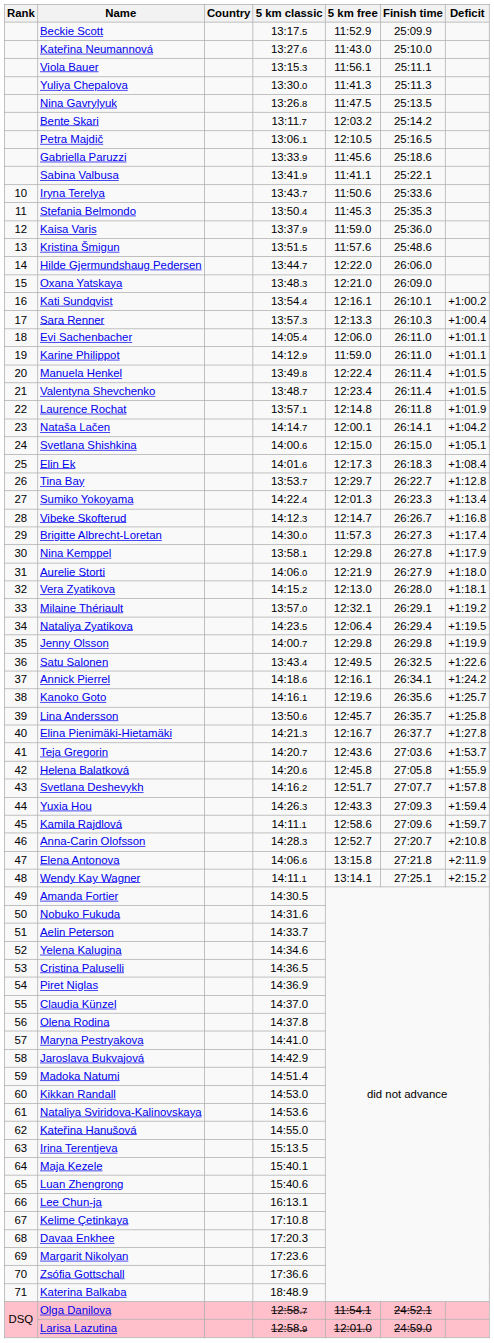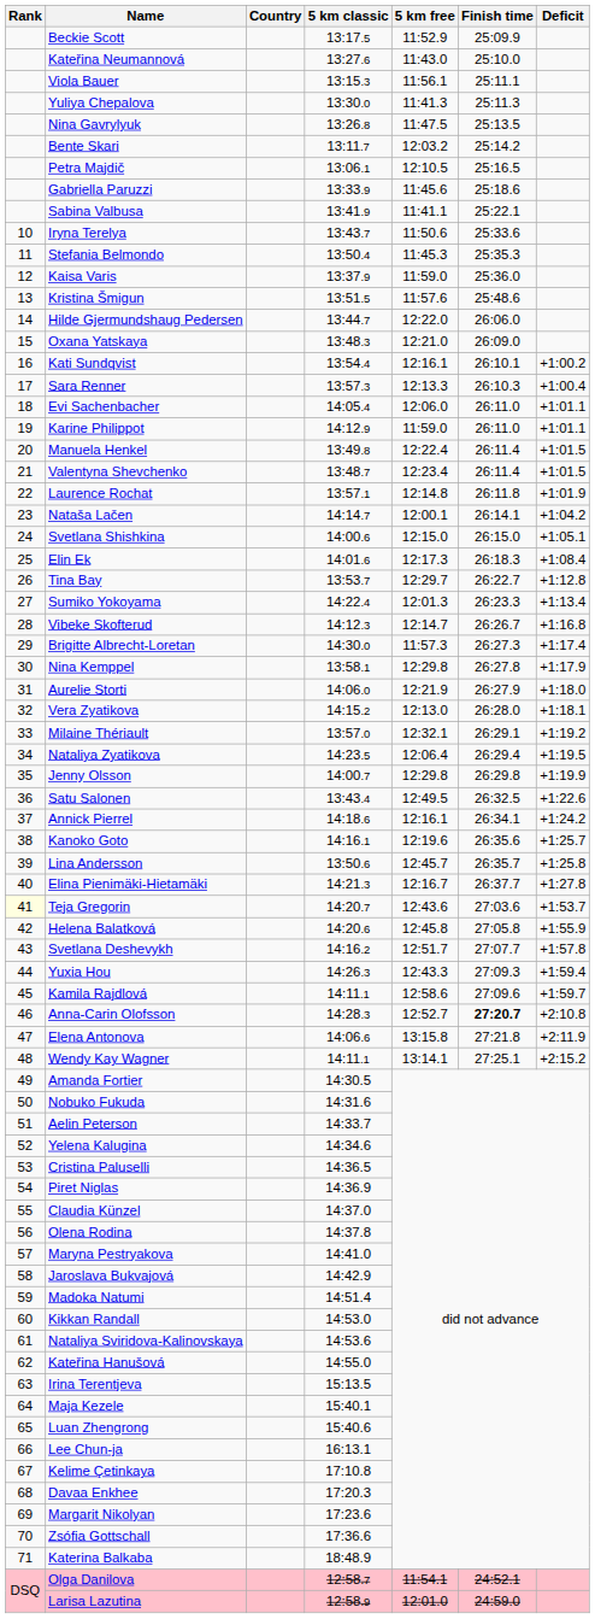 <table class="wikitable sortable" style="text-align:center">
 <tr>
 <th>Rank</th>
 <th>Name</th>
 <th>Country</th>
 <th>5 km classic</th>
 <th>5 km free</th>
 <th>Finish time</th>
 <th>Deficit</th>
 </tr>
 <tr>
 <td></td>
 <td align=left><a href='#'>Beckie Scott</a></td>
 <td align=left></td>
 <td>13:17<small>.5</small></td>
 <td>11:52.9</td>
 <td>25:09.9</td>
 <td></td>
 </tr>
 <tr>
 <td></td>
 <td align=left><a href='#'>Kateřina Neumannová</a></td>
 <td align=left></td>
 <td>13:27<small>.6</small></td>
 <td>11:43.0</td>
 <td>25:10.0</td>
 <td></td>
 </tr>
 <tr>
 <td></td>
 <td align=left><a href='#'>Viola Bauer</a></td>
 <td align=left></td>
 <td>13:15<small>.3</small></td>
 <td>11:56.1</td>
 <td>25:11.1</td>
 <td></td>
 </tr>
 <tr>
 <td></td>
 <td align=left><a href='#'>Yuliya Chepalova</a></td>
 <td align=left></td>
 <td>13:30<small>.0</small></td>
 <td>11:41.3</td>
 <td>25:11.3</td>
 <td></td>
 </tr>
 <tr>
 <td></td>
 <td align=left><a href='#'>Nina Gavrylyuk</a></td>
 <td align=left></td>
 <td>13:26<small>.8</small></td>
 <td>11:47.5</td>
 <td>25:13.5</td>
 <td></td>
 </tr>
 <tr>
 <td></td>
 <td align=left><a href='#'>Bente Skari</a></td>
 <td align=left></td>
 <td>13:11<small>.7</small></td>
 <td>12:03.2</td>
 <td>25:14.2</td>
 <td></td>
 </tr>
 <tr>
 <td></td>
 <td align=left><a href='#'>Petra Majdič</a></td>
 <td align=left></td>
 <td>13:06<small>.1</small></td>
 <td>12:10.5</td>
 <td>25:16.5</td>
 <td></td>
 </tr>
 <tr>
 <td></td>
 <td align=left><a href='#'>Gabriella Paruzzi</a></td>
 <td align=left></td>
 <td>13:33<small>.9</small></td>
 <td>11:45.6</td>
 <td>25:18.6</td>
 <td></td>
 </tr>
 <tr>
 <td></td>
 <td align=left><a href='#'>Sabina Valbusa</a></td>
 <td align=left></td>
 <td>13:41<small>.9</small></td>
 <td>11:41.1</td>
 <td>25:22.1</td>
 <td></td>
 </tr>
 <tr>
 <td>10</td>
 <td align=left><a href='#'>Iryna Terelya</a></td>
 <td align=left></td>
 <td>13:43<small>.7</small></td>
 <td>11:50.6</td>
 <td>25:33.6</td>
 <td></td>
 </tr>
 <tr>
 <td>11</td>
 <td align=left><a href='#'>Stefania Belmondo</a></td>
 <td align=left></td>
 <td>13:50<small>.4</small></td>
 <td>11:45.3</td>
 <td>25:35.3</td>
 <td></td>
 </tr>
 <tr>
 <td>12</td>
 <td align=left><a href='#'>Kaisa Varis</a></td>
 <td align=left></td>
 <td>13:37<small>.9</small></td>
 <td>11:59.0</td>
 <td>25:36.0</td>
 <td></td>
 </tr>
 <tr>
 <td>13</td>
 <td align=left><a href='#'>Kristina Šmigun</a></td>
 <td align=left></td>
 <td>13:51<small>.5</small></td>
 <td>11:57.6</td>
 <td>25:48.6</td>
 <td></td>
 </tr>
 <tr>
 <td>14</td>
 <td align=left><a href='#'>Hilde Gjermundshaug Pedersen</a></td>
 <td align=left></td>
 <td>13:44<small>.7</small></td>
 <td>12:22.0</td>
 <td>26:06.0</td>
 <td></td>
 </tr>
 <tr>
 <td>15</td>
 <td align=left><a href='#'>Oxana Yatskaya</a></td>
 <td align="left"></td>
 <td>13:48<small>.3</small></td>
 <td>12:21.0</td>
 <td>26:09.0</td>
 <td></td>
 </tr>
 <tr>
 <td>16</td>
 <td align=left><a href='#'>Kati Sundqvist</a></td>
 <td align=left></td>
 <td>13:54<small>.4</small></td>
 <td>12:16.1</td>
 <td>26:10.1</td>
 <td>+1:00.2</td>
 </tr>
 <tr>
 <td>17</td>
 <td align=left><a href='#'>Sara Renner</a></td>
 <td align=left></td>
 <td>13:57<small>.3</small></td>
 <td>12:13.3</td>
 <td>26:10.3</td>
 <td>+1:00.4</td>
 </tr>
 <tr>
 <td>18</td>
 <td align=left><a href='#'>Evi Sachenbacher</a></td>
 <td align=left></td>
 <td>14:05<small>.4</small></td>
 <td>12:06.0</td>
 <td>26:11.0</td>
 <td>+1:01.1</td>
 </tr>
 <tr>
 <td>19</td>
 <td align=left><a href='#'>Karine Philippot</a></td>
 <td align=left></td>
 <td>14:12<small>.9</small></td>
 <td>11:59.0</td>
 <td>26:11.0</td>
 <td>+1:01.1</td>
 </tr>
 <tr>
 <td>20</td>
 <td align=left><a href='#'>Manuela Henkel</a></td>
 <td align=left></td>
 <td>13:49<small>.8</small></td>
 <td>12:22.4</td>
 <td>26:11.4</td>
 <td>+1:01.5</td>
 </tr>
 <tr>
 <td>21</td>
 <td align=left><a href='#'>Valentyna Shevchenko</a></td>
 <td align=left></td>
 <td>13:48<small>.7</small></td>
 <td>12:23.4</td>
 <td>26:11.4</td>
 <td>+1:01.5</td>
 </tr>
 <tr>
 <td>22</td>
 <td align=left><a href='#'>Laurence Rochat</a></td>
 <td align=left></td>
 <td>13:57<small>.1</small></td>
 <td>12:14.8</td>
 <td>26:11.8</td>
 <td>+1:01.9</td>
 </tr>
 <tr>
 <td>23</td>
 <td align=left><a href='#'>Nataša Lačen</a></td>
 <td align=left></td>
 <td>14:14<small>.7</small></td>
 <td>12:00.1</td>
 <td>26:14.1</td>
 <td>+1:04.2</td>
 </tr>
 <tr>
 <td>24</td>
 <td align=left><a href='#'>Svetlana Shishkina</a></td>
 <td align=left></td>
 <td>14:00<small>.6</small></td>
 <td>12:15.0</td>
 <td>26:15.0</td>
 <td>+1:05.1</td>
 </tr>
 <tr>
 <td>25</td>
 <td align=left><a href='#'>Elin Ek</a></td>
 <td align=left></td>
 <td>14:01<small>.6</small></td>
 <td>12:17.3</td>
 <td>26:18.3</td>
 <td>+1:08.4</td>
 </tr>
 <tr>
 <td>26</td>
 <td align=left><a href='#'>Tina Bay</a></td>
 <td align=left></td>
 <td>13:53<small>.7</small></td>
 <td>12:29.7</td>
 <td>26:22.7</td>
 <td>+1:12.8</td>
 </tr>
 <tr>
 <td>27</td>
 <td align=left><a href='#'>Sumiko Yokoyama</a></td>
 <td align=left></td>
 <td>14:22<small>.4</small></td>
 <td>12:01.3</td>
 <td>26:23.3</td>
 <td>+1:13.4</td>
 </tr>
 <tr>
 <td>28</td>
 <td align=left><a href='#'>Vibeke Skofterud</a></td>
 <td align=left></td>
 <td>14:12<small>.3</small></td>
 <td>12:14.7</td>
 <td>26:26.7</td>
 <td>+1:16.8</td>
 </tr>
 <tr>
 <td>29</td>
 <td align=left><a href='#'>Brigitte Albrecht-Loretan</a></td>
 <td align=left></td>
 <td>14:30<small>.0</small></td>
 <td>11:57.3</td>
 <td>26:27.3</td>
 <td>+1:17.4</td>
 </tr>
 <tr>
 <td>30</td>
 <td align=left><a href='#'>Nina Kemppel</a></td>
 <td align=left></td>
 <td>13:58<small>.1</small></td>
 <td>12:29.8</td>
 <td>26:27.8</td>
 <td>+1:17.9</td>
 </tr>
 <tr>
 <td>31</td>
 <td align=left><a href='#'>Aurelie Storti</a></td>
 <td align=left></td>
 <td>14:06<small>.0</small></td>
 <td>12:21.9</td>
 <td>26:27.9</td>
 <td>+1:18.0</td>
 </tr>
 <tr>
 <td>32</td>
 <td align=left><a href='#'>Vera Zyatikova</a></td>
 <td align=left></td>
 <td>14:15<small>.2</small></td>
 <td>12:13.0</td>
 <td>26:28.0</td>
 <td>+1:18.1</td>
 </tr>
 <tr>
 <td>33</td>
 <td align=left><a href='#'>Milaine Thériault</a></td>
 <td align=left></td>
 <td>13:57<small>.0</small></td>
 <td>12:32.1</td>
 <td>26:29.1</td>
 <td>+1:19.2</td>
 </tr>
 <tr>
 <td>34</td>
 <td align=left><a href='#'>Nataliya Zyatikova</a></td>
 <td align=left></td>
 <td>14:23<small>.5</small></td>
 <td>12:06.4</td>
 <td>26:29.4</td>
 <td>+1:19.5</td>
 </tr>
 <tr>
 <td>35</td>
 <td align=left><a href='#'>Jenny Olsson</a></td>
 <td align=left></td>
 <td>14:00<small>.7</small></td>
 <td>12:29.8</td>
 <td>26:29.8</td>
 <td>+1:19.9</td>
 </tr>
 <tr>
 <td>36</td>
 <td align=left><a href='#'>Satu Salonen</a></td>
 <td align=left></td>
 <td>13:43<small>.4</small></td>
 <td>12:49.5</td>
 <td>26:32.5</td>
 <td>+1:22.6</td>
 </tr>
 <tr>
 <td>37</td>
 <td align=left><a href='#'>Annick Pierrel</a></td>
 <td align=left></td>
 <td>14:18<small>.6</small></td>
 <td>12:16.1</td>
 <td>26:34.1</td>
 <td>+1:24.2</td>
 </tr>
 <tr>
 <td>38</td>
 <td align=left><a href='#'>Kanoko Goto</a></td>
 <td align=left></td>
 <td>14:16<small>.1</small></td>
 <td>12:19.6</td>
 <td>26:35.6</td>
 <td>+1:25.7</td>
 </tr>
 <tr>
 <td>39</td>
 <td align=left><a href='#'>Lina Andersson</a></td>
 <td align=left></td>
 <td>13:50<small>.6</small></td>
 <td>12:45.7</td>
 <td>26:35.7</td>
 <td>+1:25.8</td>
 </tr>
 <tr>
 <td>40</td>
 <td align=left><a href='#'>Elina Pienimäki-Hietamäki</a></td>
 <td align=left></td>
 <td>14:21<small>.3</small></td>
 <td>12:16.7</td>
 <td>26:37.7</td>
 <td>+1:27.8</td>
 </tr>
 <tr>
-<td>41</td>
+<td style="background: lightyellow;">41</td>
 <td align=left><a href='#'>Teja Gregorin</a></td>
 <td align=left></td>
 <td>14:20<small>.7</small></td>
 <td>12:43.6</td>
 <td>27:03.6</td>
 <td>+1:53.7</td>
 </tr>
 <tr>
 <td>42</td>
 <td align=left><a href='#'>Helena Balatková</a></td>
 <td align=left></td>
 <td>14:20<small>.6</small></td>
 <td>12:45.8</td>
 <td>27:05.8</td>
 <td>+1:55.9</td>
 </tr>
 <tr>
 <td>43</td>
 <td align=left><a href='#'>Svetlana Deshevykh</a></td>
 <td align=left></td>
 <td>14:16<small>.2</small></td>
 <td>12:51.7</td>
 <td>27:07.7</td>
 <td>+1:57.8</td>
 </tr>
 <tr>
 <td>44</td>
 <td align=left><a href='#'>Yuxia Hou</a></td>
 <td align=left></td>
 <td>14:26<small>.3</small></td>
 <td>12:43.3</td>
 <td>27:09.3</td>
 <td>+1:59.4</td>
 </tr>
 <tr>
 <td>45</td>
 <td align=left><a href='#'>Kamila Rajdlová</a></td>
 <td align=left></td>
 <td>14:11<small>.1</small></td>
 <td>12:58.6</td>
 <td>27:09.6</td>
 <td>+1:59.7</td>
 </tr>
 <tr>
 <td>46</td>
 <td align=left><a href='#'>Anna-Carin Olofsson</a></td>
 <td align=left></td>
 <td>14:28<small>.3</small></td>
 <td>12:52.7</td>
-<td>27:20.7</td>
+<td><strong>27:20.7</strong></td>
 <td>+2:10.8</td>
 </tr>
 <tr>
 <td>47</td>
 <td align=left><a href='#'>Elena Antonova</a></td>
 <td align=left></td>
 <td>14:06<small>.6</small></td>
 <td>13:15.8</td>
 <td>27:21.8</td>
 <td>+2:11.9</td>
 </tr>
 <tr>
 <td>48</td>
 <td align=left><a href='#'>Wendy Kay Wagner</a></td>
 <td align=left></td>
 <td>14:11<small>.1</small></td>
 <td>13:14.1</td>
 <td>27:25.1</td>
 <td>+2:15.2</td>
 </tr>
 <tr>
 <td>49</td>
 <td align=left><a href='#'>Amanda Fortier</a></td>
 <td align=left></td>
 <td>14:30.5</td>
 <td colspan=3 rowspan=23>did not advance</td>
 </tr>
 <tr>
 <td>50</td>
 <td align=left><a href='#'>Nobuko Fukuda</a></td>
 <td align=left></td>
 <td>14:31.6</td>
 </tr>
 <tr>
 <td>51</td>
 <td align=left><a href='#'>Aelin Peterson</a></td>
 <td align=left></td>
 <td>14:33.7</td>
 </tr>
 <tr>
 <td>52</td>
 <td align=left><a href='#'>Yelena Kalugina</a></td>
 <td align=left></td>
 <td>14:34.6</td>
 </tr>
 <tr>
 <td>53</td>
 <td align=left><a href='#'>Cristina Paluselli</a></td>
 <td align=left></td>
 <td>14:36.5</td>
 </tr>
 <tr>
 <td>54</td>
 <td align=left><a href='#'>Piret Niglas</a></td>
 <td align=left></td>
 <td>14:36.9</td>
 </tr>
 <tr>
 <td>55</td>
 <td align=left><a href='#'>Claudia Künzel</a></td>
 <td align=left></td>
 <td>14:37.0</td>
 </tr>
 <tr>
 <td>56</td>
 <td align=left><a href='#'>Olena Rodina</a></td>
 <td align=left></td>
 <td>14:37.8</td>
 </tr>
 <tr>
 <td>57</td>
 <td align=left><a href='#'>Maryna Pestryakova</a></td>
 <td align=left></td>
 <td>14:41.0</td>
 </tr>
 <tr>
 <td>58</td>
 <td align=left><a href='#'>Jaroslava Bukvajová</a></td>
 <td align=left></td>
 <td>14:42.9</td>
 </tr>
 <tr>
 <td>59</td>
 <td align=left><a href='#'>Madoka Natumi</a></td>
 <td align=left></td>
 <td>14:51.4</td>
 </tr>
 <tr>
 <td>60</td>
 <td align=left><a href='#'>Kikkan Randall</a></td>
 <td align=left></td>
 <td>14:53.0</td>
 </tr>
 <tr>
 <td>61</td>
 <td align=left><a href='#'>Nataliya Sviridova-Kalinovskaya</a></td>
 <td align=left></td>
 <td>14:53.6</td>
 </tr>
 <tr>
 <td>62</td>
 <td align=left><a href='#'>Kateřina Hanušová</a></td>
 <td align=left></td>
 <td>14:55.0</td>
 </tr>
 <tr>
 <td>63</td>
 <td align=left><a href='#'>Irina Terentjeva</a></td>
 <td align=left></td>
 <td>15:13.5</td>
 </tr>
 <tr>
 <td>64</td>
 <td align=left><a href='#'>Maja Kezele</a></td>
 <td align=left></td>
 <td>15:40.1</td>
 </tr>
 <tr>
 <td>65</td>
 <td align=left><a href='#'>Luan Zhengrong</a></td>
 <td align=left></td>
 <td>15:40.6</td>
 </tr>
 <tr>
 <td>66</td>
 <td align=left><a href='#'>Lee Chun-ja</a></td>
 <td align=left></td>
 <td>16:13.1</td>
 </tr>
 <tr>
 <td>67</td>
 <td align=left><a href='#'>Kelime Çetinkaya</a></td>
 <td align=left></td>
 <td>17:10.8</td>
 </tr>
 <tr>
 <td>68</td>
 <td align=left><a href='#'>Davaa Enkhee</a></td>
 <td align=left></td>
 <td>17:20.3</td>
 </tr>
 <tr>
 <td>69</td>
 <td align=left><a href='#'>Margarit Nikolyan</a></td>
 <td align=left></td>
 <td>17:23.6</td>
 </tr>
 <tr>
 <td>70</td>
 <td align=left><a href='#'>Zsófia Gottschall</a></td>
 <td align=left></td>
 <td>17:36.6</td>
 </tr>
 <tr>
 <td>71</td>
 <td align=left><a href='#'>Katerina Balkaba</a></td>
 <td align=left></td>
 <td>18:48.9</td>
 </tr>
 <tr bgcolor=pink>
 <td rowspan=2>DSQ</td>
 <td align=left><a href='#'>Olga Danilova</a></td>
 <td align=left></td>
 <td><s>12:58<small>.7</small></s></td>
 <td><s>11:54.1</s></td>
 <td><s>24:52.1</s></td>
 <td></td>
 </tr>
 <tr bgcolor=pink>
 <td align=left><a href='#'>Larisa Lazutina</a></td>
 <td align=left></td>
 <td><s>12:58<small>.9</small></s></td>
 <td><s>12:01.0</s></td>
 <td><s>24:59.0</s></td>
 <td></td>
 </tr>
 </table>
